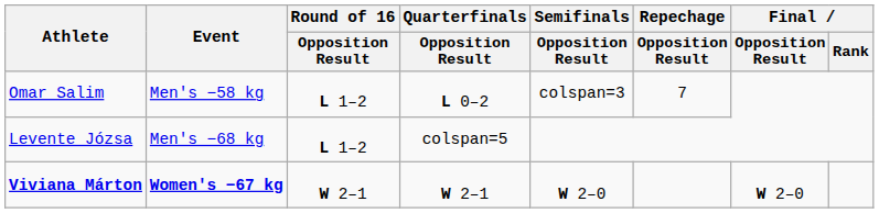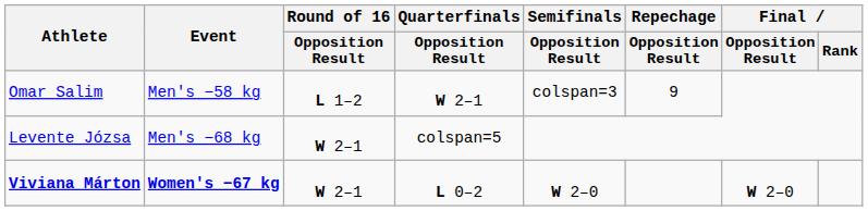 <table class=wikitable style=font-size:90%;text-align:center>
 <tr>
 <th rowspan=2>Athlete</th>
 <th rowspan=2>Event</th>
 <th>Round of 16</th>
 <th>Quarterfinals</th>
 <th>Semifinals</th>
 <th>Repechage</th>
 <th colspan=2>Final / </th>
 </tr>
 <tr style=font-size:95%>
 <th>Opposition<br>Result</th>
 <th>Opposition<br>Result</th>
 <th>Opposition<br>Result</th>
 <th>Opposition<br>Result</th>
 <th>Opposition<br>Result</th>
 <th>Rank</th>
 </tr>
 <tr>
 <td align=left><a href='#'>Omar Salim</a></td>
 <td align=left><a href='#'>Men's −58 kg</a></td>
 <td><br><strong>L</strong> 1–2</td>
-<td><br><strong>L</strong> 0–2</td>
+<td><br><strong>W</strong> 2–1</td>
 <td>colspan=3 </td>
-<td>7</td>
+<td>9</td>
 </tr>
 <tr>
 <td align=left><a href='#'>Levente Józsa</a></td>
 <td align=left><a href='#'>Men's −68 kg</a></td>
-<td><br><strong>L</strong> 1–2</td>
+<td><br><strong>W</strong> 2–1</td>
 <td>colspan=5 </td>
 </tr>
 <tr>
 <td align=left><strong><a href='#'>Viviana Márton</a></strong></td>
 <td align=left><strong><a href='#'>Women's −67 kg</a></strong></td>
 <td><br><strong>W</strong> 2–1</td>
-<td><br><strong>W</strong> 2–1</td>
+<td><br><strong>L</strong> 0–2</td>
 <td><br><strong>W</strong> 2–0</td>
 <td></td>
 <td><br><strong>W</strong> 2–0</td>
 <td></td>
 </tr>
 </table>
